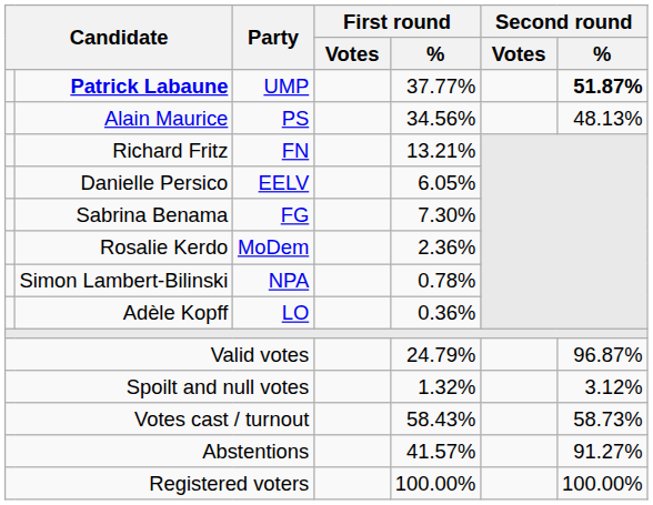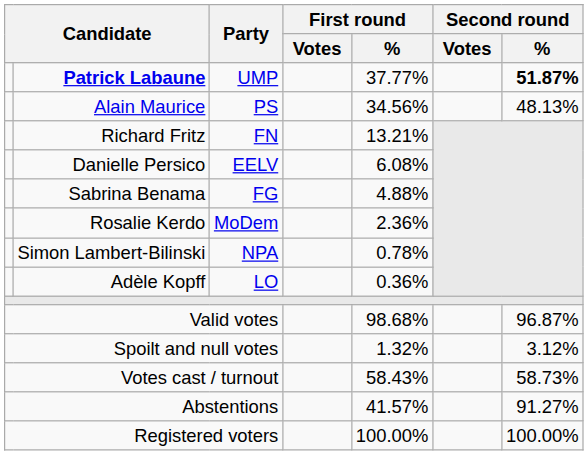 <table class="wikitable" style="text-align:right;font-size:95%;">
 <tr>
 <th rowspan=2 colspan=2>Candidate</th>
 <th rowspan=2 colspan=1>Party</th>
 <th colspan=2>First round</th>
 <th colspan=2>Second round</th>
 </tr>
 <tr>
 <th style="width:50px;">Votes</th>
 <th style="width:55px;">%</th>
 <th style="width:50px;">Votes</th>
 <th style="width:55px;">%</th>
 </tr>
 <tr>
 <td style="color:inherit;background-color:"></td>
 <td><strong><a href='#'>Patrick Labaune</a></strong></td>
 <td><a href='#'>UMP</a></td>
 <td></td>
 <td>37.77%</td>
 <td><strong></strong></td>
 <td><strong>51.87%</strong></td>
 </tr>
 <tr>
 <td style="color:inherit;background-color:"></td>
 <td><a href='#'>Alain Maurice</a></td>
 <td><a href='#'>PS</a></td>
 <td></td>
 <td>34.56%</td>
 <td></td>
 <td>48.13%</td>
 </tr>
 <tr>
 <td style="color:inherit;background-color:"></td>
 <td>Richard Fritz</td>
 <td><a href='#'>FN</a></td>
 <td></td>
 <td>13.21%</td>
 <td colspan=7 rowspan=6 style="background-color:#E9E9E9;"></td>
 </tr>
 <tr>
 <td style="color:inherit;background-color:"></td>
 <td>Danielle Persico</td>
 <td><a href='#'>EELV</a></td>
 <td></td>
-<td>6.05%</td>
+<td>6.08%</td>
 </tr>
 <tr>
 <td style="color:inherit;background-color:"></td>
 <td>Sabrina Benama</td>
 <td><a href='#'>FG</a></td>
 <td></td>
-<td>7.30%</td>
+<td>4.88%</td>
 </tr>
 <tr>
 <td style="color:inherit;background-color:"></td>
 <td>Rosalie Kerdo</td>
 <td><a href='#'>MoDem</a></td>
 <td></td>
 <td>2.36%</td>
 </tr>
 <tr>
 <td style="color:inherit;background-color:"></td>
 <td>Simon Lambert-Bilinski</td>
 <td><a href='#'>NPA</a></td>
 <td></td>
 <td>0.78%</td>
 </tr>
 <tr>
 <td style="color:inherit;background-color:"></td>
 <td>Adèle Kopff</td>
 <td><a href='#'>LO</a></td>
 <td></td>
 <td>0.36%</td>
 </tr>
 <tr>
 <td colspan=7 style="background-color:#E9E9E9;"></td>
 </tr>
 <tr>
 <td colspan=3>Valid votes</td>
 <td></td>
-<td>24.79%</td>
+<td>98.68%</td>
 <td></td>
 <td>96.87%</td>
 </tr>
 <tr>
 <td colspan=3>Spoilt and null votes</td>
 <td></td>
 <td>1.32%</td>
 <td></td>
 <td>3.12%</td>
 </tr>
 <tr>
 <td colspan=3>Votes cast / turnout</td>
 <td></td>
 <td>58.43%</td>
 <td></td>
 <td>58.73%</td>
 </tr>
 <tr>
 <td colspan=3>Abstentions</td>
 <td></td>
 <td>41.57%</td>
 <td></td>
 <td>91.27%</td>
 </tr>
 <tr>
 <td colspan=3>Registered voters</td>
 <td></td>
 <td>100.00%</td>
 <td></td>
 <td>100.00%</td>
 </tr>
 </table>
